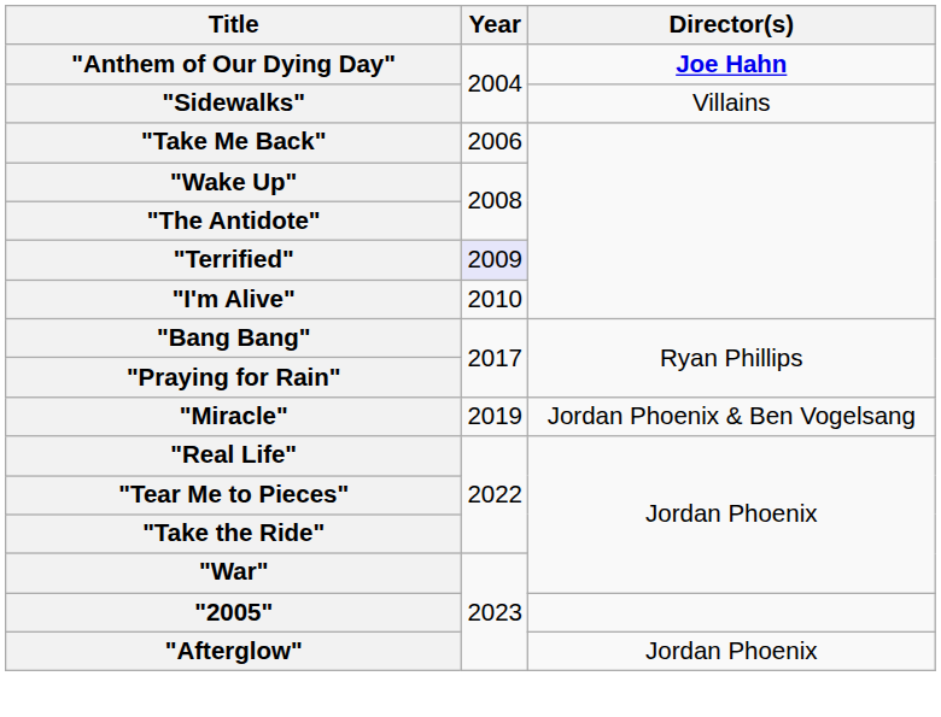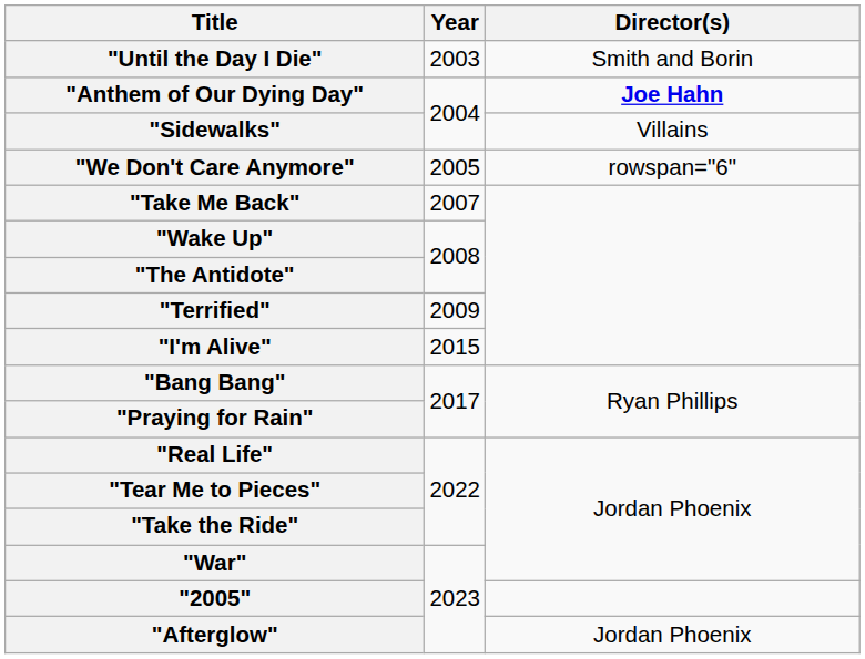 <table class="wikitable plainrowheaders" style="text-align:center;">
 <tr>
 <th scope="col" style="width:18em;">Title</th>
 <th scope="col">Year</th>
 <th scope="col" style="width:16em;">Director(s)</th>
+</tr>
+<tr>
+<th scope="row">"Until the Day I Die"</th>
+<td>2003</td>
+<td>Smith and Borin</td>
 </tr>
 <tr>
 <th scope="row">"Anthem of Our Dying Day"</th>
 <td rowspan="2">2004</td>
 <td><strong><a href='#'>Joe Hahn</a></strong></td>
 </tr>
 <tr>
 <th scope="row">"Sidewalks"</th>
 <td>Villains</td>
 </tr>
 <tr>
+<th scope="row">"We Don't Care Anymore"</th>
+<td>2005</td>
+<td>rowspan="6" </td>
+</tr>
+<tr>
 <th scope="row">"Take Me Back"</th>
-<td>2006</td>
+<td>2007</td>
 </tr>
 <tr>
 <th scope="row">"Wake Up"</th>
 <td rowspan="2">2008</td>
 </tr>
 <tr>
 <th scope="row">"The Antidote"</th>
 </tr>
 <tr>
 <th scope="row">"Terrified"</th>
-<td style="background: lavender;">2009</td>
+<td>2009</td>
 </tr>
 <tr>
 <th scope="row">"I'm Alive"</th>
-<td>2010</td>
+<td>2015</td>
 </tr>
 <tr>
 <th scope="row">"Bang Bang"</th>
 <td rowspan="2">2017</td>
 <td rowspan="2">Ryan Phillips</td>
 </tr>
 <tr>
 <th scope="row">"Praying for Rain"</th>
-</tr>
-<tr>
-<th scope="row">"Miracle"</th>
-<td>2019</td>
-<td>Jordan Phoenix & Ben Vogelsang</td>
 </tr>
 <tr>
 <th scope="row">"Real Life"</th>
 <td rowspan="3">2022</td>
 <td rowspan="4">Jordan Phoenix</td>
 </tr>
 <tr>
 <th scope="row">"Tear Me to Pieces"</th>
 </tr>
 <tr>
 <th scope="row">"Take the Ride"</th>
 </tr>
 <tr>
 <th scope="row">"War"</th>
 <td rowspan="3">2023</td>
 </tr>
 <tr>
 <th scope="row">"2005"</th>
 <td></td>
 </tr>
 <tr>
 <th scope="row">"Afterglow"</th>
 <td>Jordan Phoenix</td>
 </tr>
 </table>
